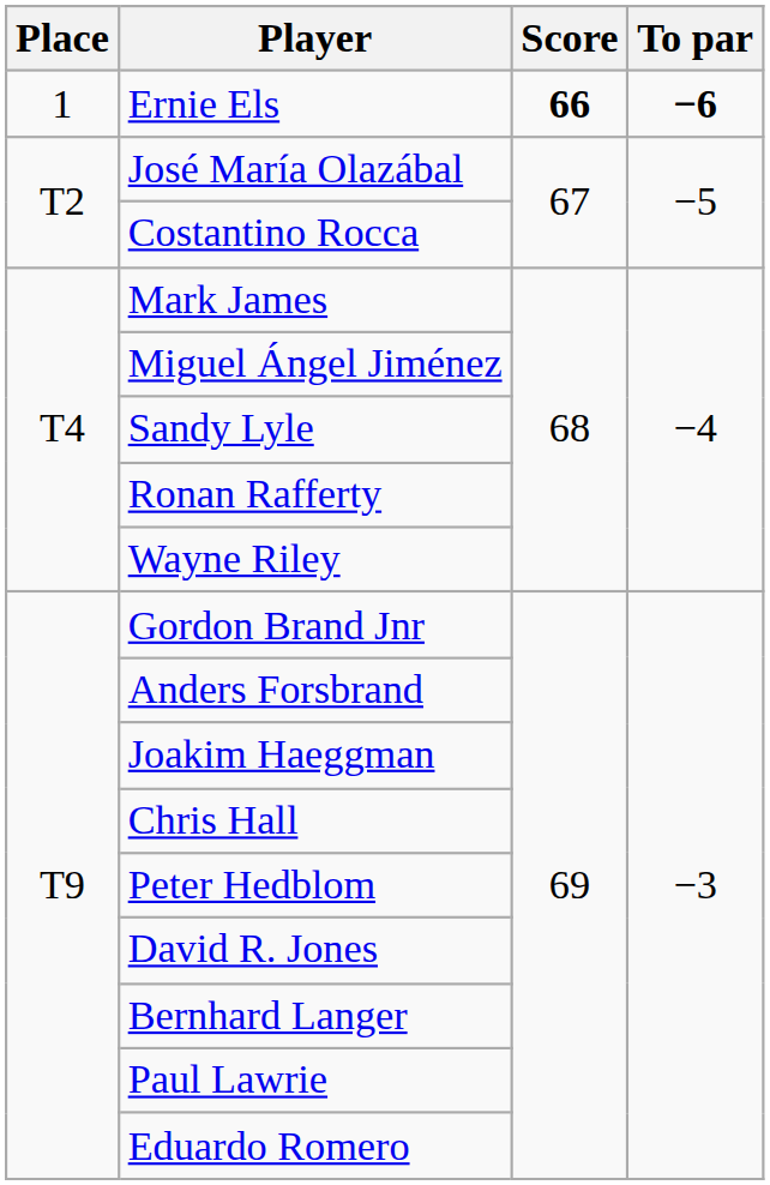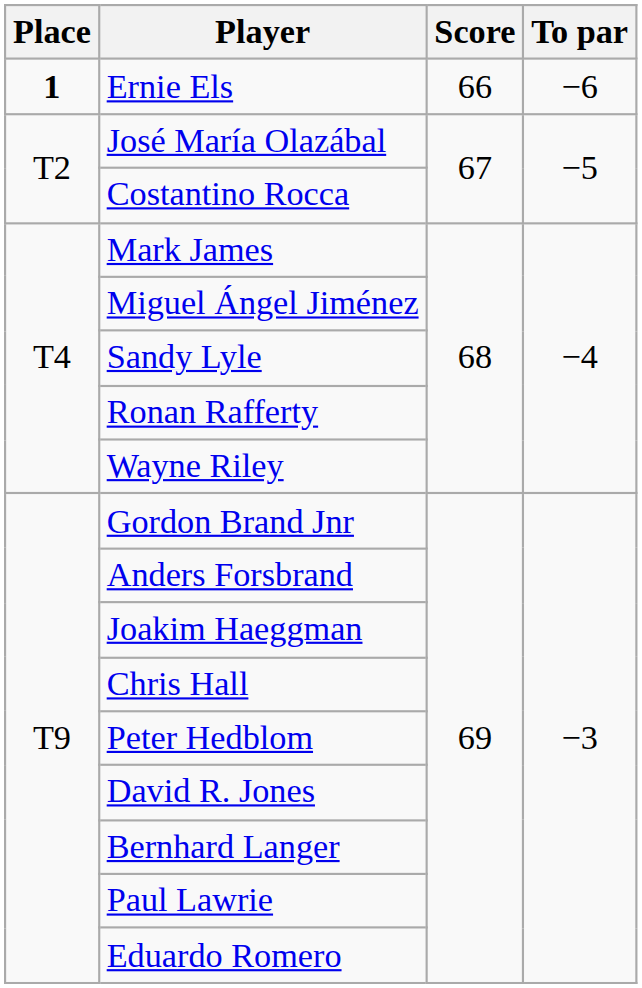 <table class="wikitable">
 <tr>
 <th>Place</th>
 <th>Player</th>
 <th>Score</th>
 <th>To par</th>
 </tr>
 <tr>
-<td align=center>1</td>
+<td align=center><strong>1</strong></td>
 <td> <a href='#'>Ernie Els</a></td>
-<td align=center><strong>66</strong></td>
-<td align=center><strong>−6</strong></td>
+<td align=center>66</td>
+<td align=center>−6</td>
 </tr>
 <tr>
 <td rowspan="2" align=center>T2</td>
 <td> <a href='#'>José María Olazábal</a></td>
 <td rowspan="2" align=center>67</td>
 <td rowspan="2" align=center>−5</td>
 </tr>
 <tr>
 <td> <a href='#'>Costantino Rocca</a></td>
 </tr>
 <tr>
 <td rowspan="5" align=center>T4</td>
 <td> <a href='#'>Mark James</a></td>
 <td rowspan="5" align=center>68</td>
 <td rowspan="5" align=center>−4</td>
 </tr>
 <tr>
 <td> <a href='#'>Miguel Ángel Jiménez</a></td>
 </tr>
 <tr>
 <td> <a href='#'>Sandy Lyle</a></td>
 </tr>
 <tr>
 <td> <a href='#'>Ronan Rafferty</a></td>
 </tr>
 <tr>
 <td> <a href='#'>Wayne Riley</a></td>
 </tr>
 <tr>
 <td rowspan="9" align=center>T9</td>
 <td> <a href='#'>Gordon Brand Jnr</a></td>
 <td rowspan="9" align=center>69</td>
 <td rowspan="9" align=center>−3</td>
 </tr>
 <tr>
 <td> <a href='#'>Anders Forsbrand</a></td>
 </tr>
 <tr>
 <td> <a href='#'>Joakim Haeggman</a></td>
 </tr>
 <tr>
 <td> <a href='#'>Chris Hall</a></td>
 </tr>
 <tr>
 <td> <a href='#'>Peter Hedblom</a></td>
 </tr>
 <tr>
 <td> <a href='#'>David R. Jones</a></td>
 </tr>
 <tr>
 <td> <a href='#'>Bernhard Langer</a></td>
 </tr>
 <tr>
 <td> <a href='#'>Paul Lawrie</a></td>
 </tr>
 <tr>
 <td> <a href='#'>Eduardo Romero</a></td>
 </tr>
 </table>
